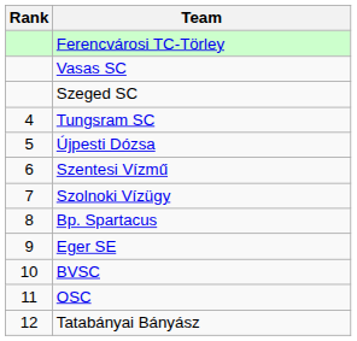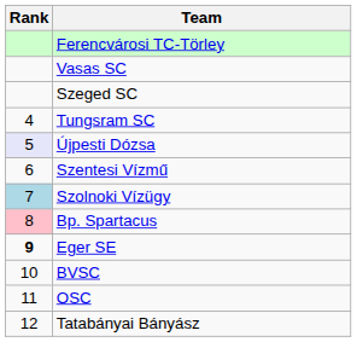 <table class="wikitable">
 <tr>
 <th width=40>Rank</th>
 <th width=290>Team</th>
 </tr>
 <tr bgcolor=#ccffcc>
 <td align="center"></td>
 <td align="left"> <a href='#'>Ferencvárosi TC-Törley</a></td>
 </tr>
 <tr>
 <td align="center"></td>
 <td align="left"> <a href='#'>Vasas SC</a></td>
 </tr>
 <tr>
 <td align="center"></td>
 <td align="left"> Szeged SC</td>
 </tr>
 <tr>
 <td align="center">4</td>
 <td align="left"> <a href='#'>Tungsram SC</a></td>
 </tr>
 <tr>
-<td align="center">5</td>
+<td align="center" style="background: lavender;">5</td>
 <td align="left"> <a href='#'>Újpesti Dózsa</a></td>
 </tr>
 <tr>
 <td align="center">6</td>
 <td align="left"> <a href='#'>Szentesi Vízmű</a></td>
 </tr>
 <tr>
-<td align="center">7</td>
+<td align="center" style="background: lightblue;">7</td>
 <td align="left"> <a href='#'>Szolnoki Vízügy</a></td>
 </tr>
 <tr>
-<td align="center">8</td>
+<td align="center" style="background: pink;">8</td>
 <td align="left"> <a href='#'>Bp. Spartacus</a></td>
 </tr>
 <tr>
-<td align="center">9</td>
+<td align="center"><strong>9</strong></td>
 <td align="left"> <a href='#'>Eger SE</a></td>
 </tr>
 <tr>
 <td align="center">10</td>
 <td align="left"> <a href='#'>BVSC</a></td>
 </tr>
 <tr>
 <td align="center">11</td>
 <td align="left"> <a href='#'>OSC</a></td>
 </tr>
 <tr>
 <td align="center">12</td>
 <td align="left"> Tatabányai Bányász</td>
 </tr>
 </table>
